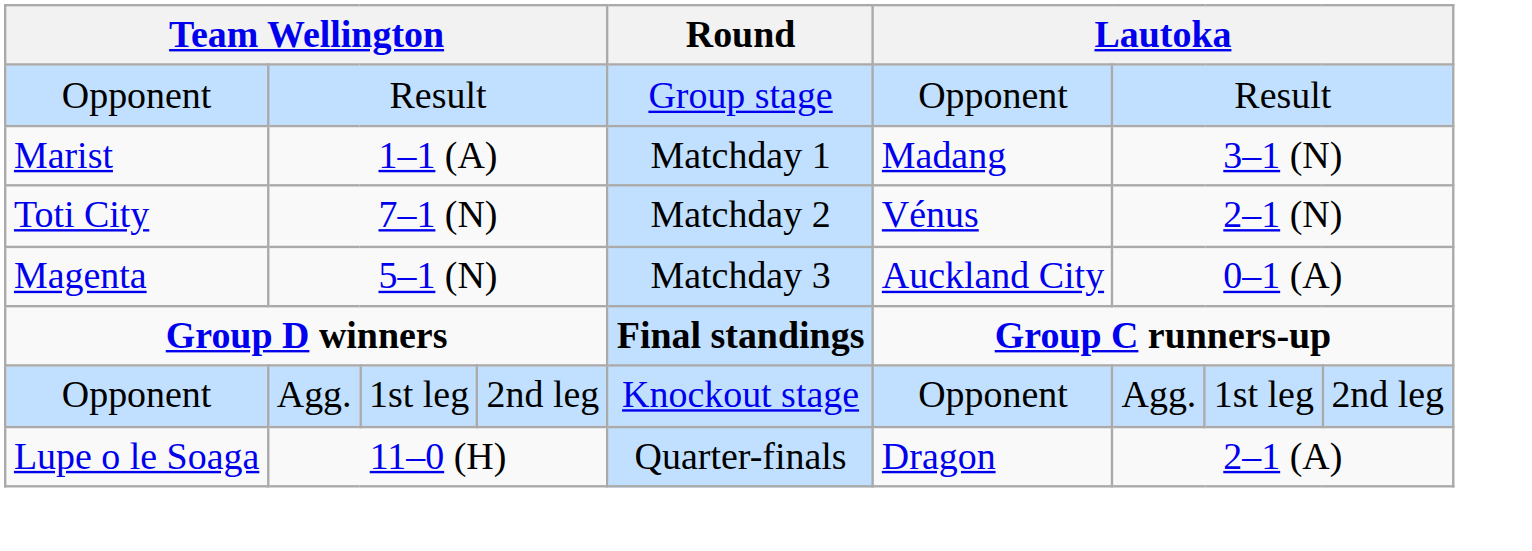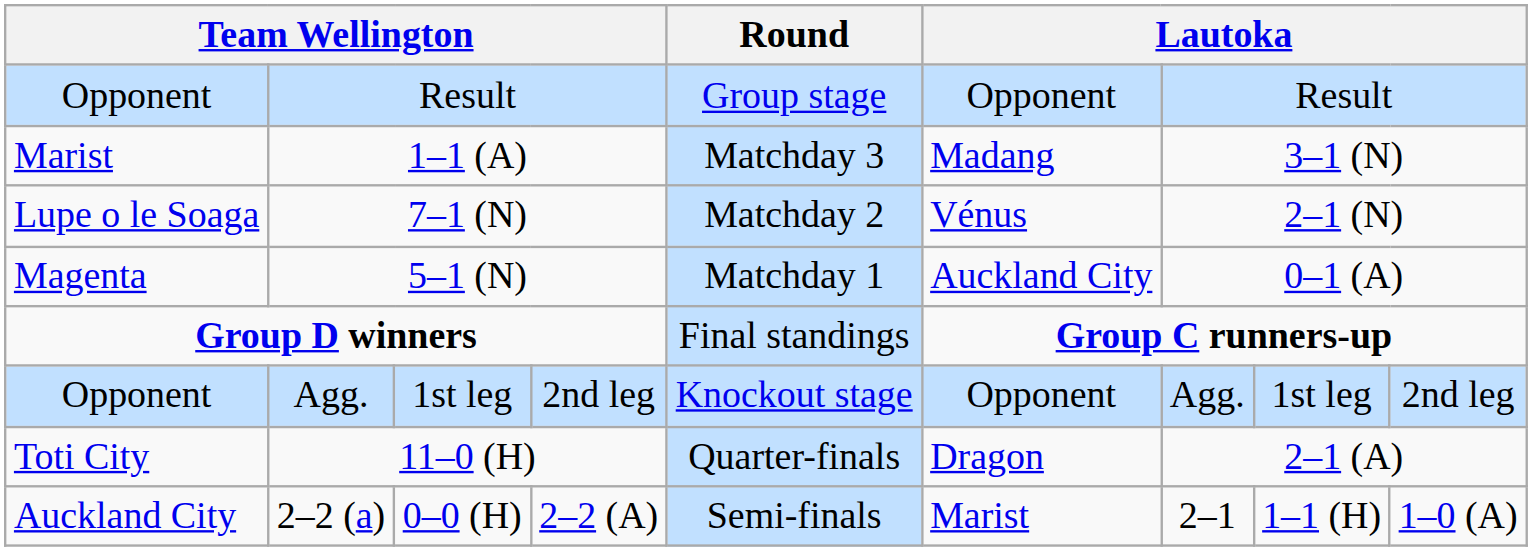 <table class="wikitable" style="text-align:center">
 <tr>
 <th colspan="4"> <a href='#'>Team Wellington</a></th>
 <th>Round</th>
 <th colspan="4"> <a href='#'>Lautoka</a></th>
 </tr>
 <tr style="background:#C1E0FF">
 <td>Opponent</td>
 <td colspan="3">Result</td>
 <td><a href='#'>Group stage</a></td>
 <td>Opponent</td>
 <td colspan="3">Result</td>
 </tr>
 <tr>
 <td align="left"> <a href='#'>Marist</a></td>
 <td colspan="3"><a href='#'>1–1</a> (A)</td>
-<td style="background:#C1E0FF">Matchday 1</td>
+<td style="background:#C1E0FF">Matchday 3</td>
 <td align="left"> <a href='#'>Madang</a></td>
 <td colspan="3"><a href='#'>3–1</a> (N)</td>
 </tr>
 <tr>
-<td align="left"> <a href='#'>Toti City</a></td>
+<td align="left"> <a href='#'>Lupe o le Soaga</a></td>
 <td colspan="3"><a href='#'>7–1</a> (N)</td>
 <td style="background:#C1E0FF">Matchday 2</td>
 <td align="left"> <a href='#'>Vénus</a></td>
 <td colspan="3"><a href='#'>2–1</a> (N)</td>
 </tr>
 <tr>
 <td align="left"> <a href='#'>Magenta</a></td>
 <td colspan="3"><a href='#'>5–1</a> (N)</td>
-<td style="background:#C1E0FF">Matchday 3</td>
+<td style="background:#C1E0FF">Matchday 1</td>
 <td align="left"> <a href='#'>Auckland City</a></td>
 <td colspan="3"><a href='#'>0–1</a> (A)</td>
 </tr>
 <tr>
 <td colspan="4" style="vertical-align:top"><strong><a href='#'>Group D</a> winners</strong><br><div></div></td>
-<td style="background:#C1E0FF"><strong>Final standings</strong></td>
+<td style="background:#C1E0FF">Final standings</td>
 <td colspan="4" style="vertical-align:top"><strong><a href='#'>Group C</a> runners-up</strong><br><div></div></td>
 </tr>
 <tr style="background:#C1E0FF">
 <td>Opponent</td>
 <td>Agg.</td>
 <td>1st leg</td>
 <td>2nd leg</td>
 <td><a href='#'>Knockout stage</a></td>
 <td>Opponent</td>
 <td>Agg.</td>
 <td>1st leg</td>
 <td>2nd leg</td>
 </tr>
 <tr>
-<td align="left"> <a href='#'>Lupe o le Soaga</a></td>
+<td align="left"> <a href='#'>Toti City</a></td>
 <td colspan="3"><a href='#'>11–0</a> (H)</td>
 <td style="background:#C1E0FF">Quarter-finals</td>
 <td align="left"> <a href='#'>Dragon</a></td>
 <td colspan="3"><a href='#'>2–1</a> (A)</td>
 </tr>
+<tr>
+<td align="left"> <a href='#'>Auckland City</a></td>
+<td>2–2 (<a href='#'>a</a>)</td>
+<td><a href='#'>0–0</a> (H)</td>
+<td><a href='#'>2–2</a> (A)</td>
+<td style="background:#C1E0FF">Semi-finals</td>
+<td align="left"> <a href='#'>Marist</a></td>
+<td>2–1</td>
+<td><a href='#'>1–1</a> (H)</td>
+<td><a href='#'>1–0</a> (A)</td>
+</tr>
 </table>
